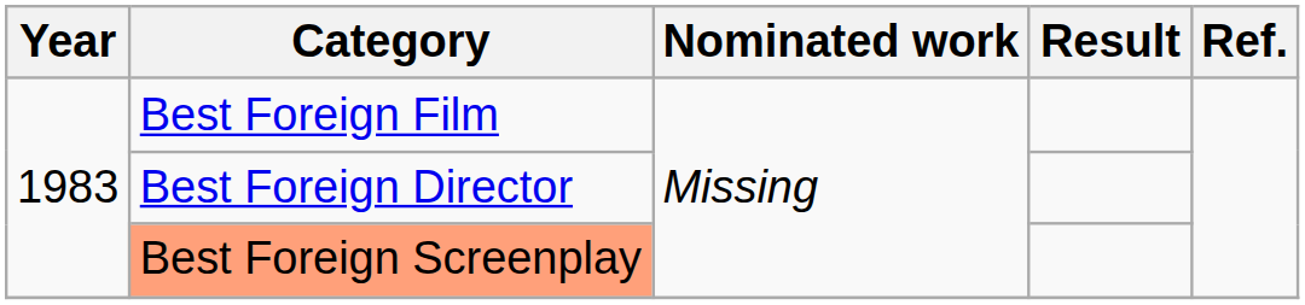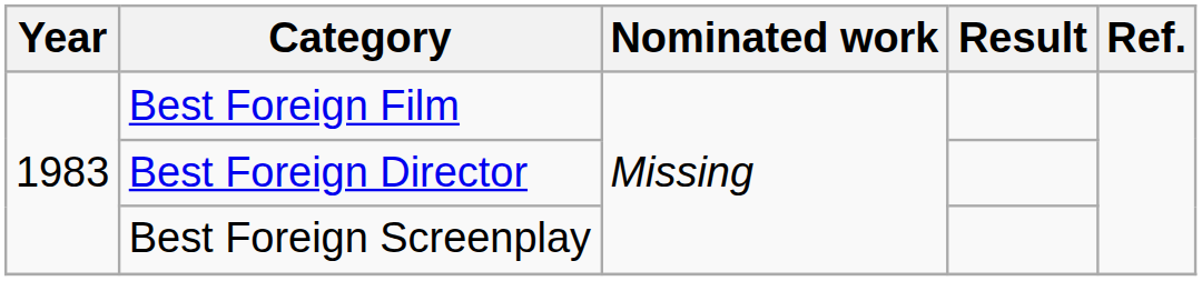 <table class="wikitable sortable">
 <tr>
 <th>Year</th>
 <th>Category</th>
 <th>Nominated work</th>
 <th>Result</th>
 <th>Ref.</th>
 </tr>
 <tr>
 <td rowspan="3">1983</td>
 <td><a href='#'>Best Foreign Film</a></td>
 <td rowspan="3"><em>Missing</em></td>
 <td></td>
 <td rowspan="3"></td>
 </tr>
 <tr>
 <td><a href='#'>Best Foreign Director</a></td>
 <td></td>
 </tr>
 <tr>
-<td style="background: lightsalmon;">Best Foreign Screenplay</td>
+<td>Best Foreign Screenplay</td>
 <td></td>
 </tr>
 <tr>
 </tr>
 </table>
